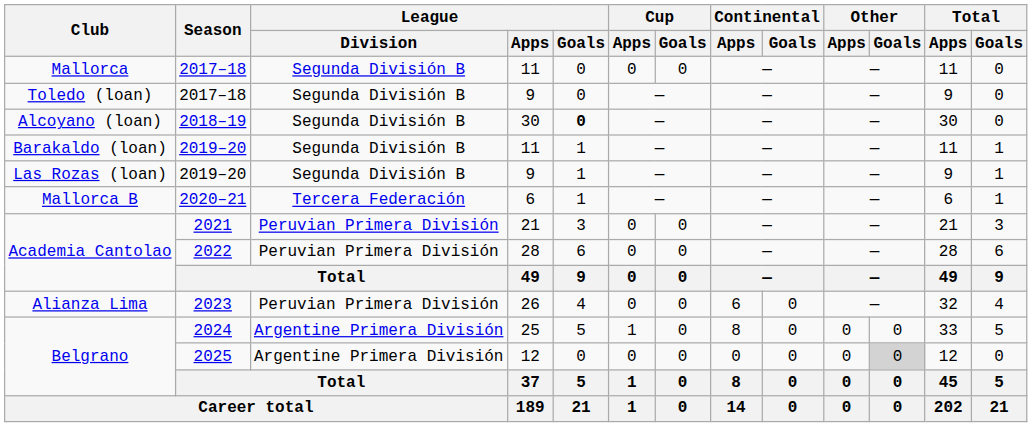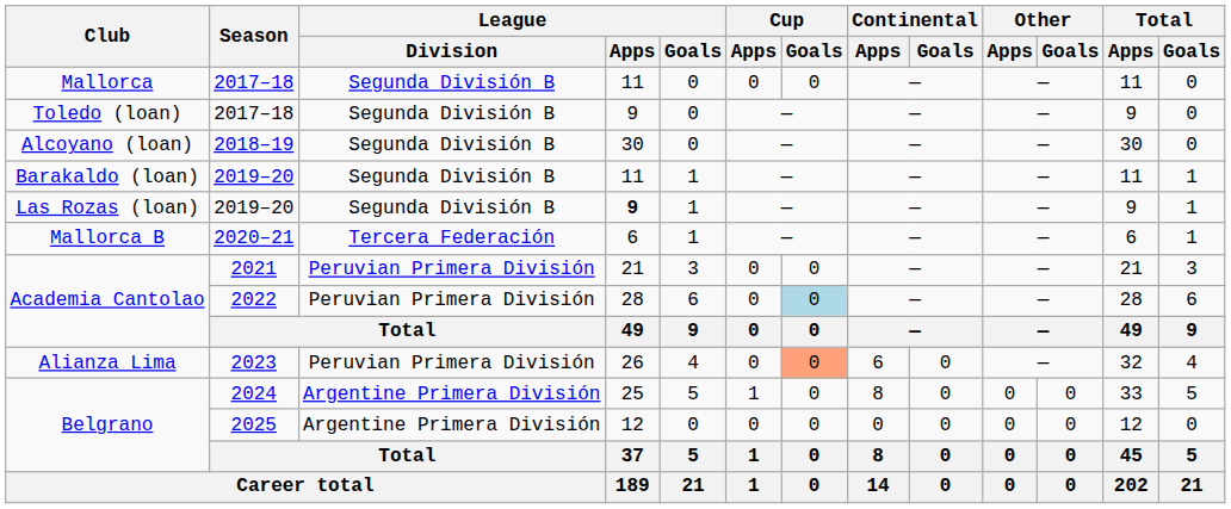 <table class="wikitable" style="text-align:center">
 <tr>
 <th rowspan="2">Club</th>
 <th rowspan="2">Season</th>
 <th colspan="3">League</th>
 <th colspan="2">Cup</th>
 <th colspan="2">Continental</th>
 <th colspan="2">Other</th>
 <th colspan="2">Total</th>
 </tr>
 <tr>
 <th>Division</th>
 <th>Apps</th>
 <th>Goals</th>
 <th>Apps</th>
 <th>Goals</th>
 <th>Apps</th>
 <th>Goals</th>
 <th>Apps</th>
 <th>Goals</th>
 <th>Apps</th>
 <th>Goals</th>
 </tr>
 <tr>
 <td><a href='#'>Mallorca</a></td>
 <td><a href='#'>2017–18</a></td>
 <td><a href='#'>Segunda División B</a></td>
 <td>11</td>
 <td>0</td>
 <td>0</td>
 <td>0</td>
 <td colspan="2">—</td>
 <td colspan="2">—</td>
 <td>11</td>
 <td>0</td>
 </tr>
 <tr>
 <td><a href='#'>Toledo</a> (loan)</td>
 <td>2017–18</td>
 <td>Segunda División B</td>
 <td>9</td>
 <td>0</td>
 <td colspan="2">—</td>
 <td colspan="2">—</td>
 <td colspan="2">—</td>
 <td>9</td>
 <td>0</td>
 </tr>
 <tr>
 <td><a href='#'>Alcoyano</a> (loan)</td>
 <td><a href='#'>2018–19</a></td>
 <td>Segunda División B</td>
 <td>30</td>
-<td><strong>0</strong></td>
+<td>0</td>
 <td colspan="2">—</td>
 <td colspan="2">—</td>
 <td colspan="2">—</td>
 <td>30</td>
 <td>0</td>
 </tr>
 <tr>
 <td><a href='#'>Barakaldo</a> (loan)</td>
 <td><a href='#'>2019–20</a></td>
 <td>Segunda División B</td>
 <td>11</td>
 <td>1</td>
 <td colspan="2">—</td>
 <td colspan="2">—</td>
 <td colspan="2">—</td>
 <td>11</td>
 <td>1</td>
 </tr>
 <tr>
 <td><a href='#'>Las Rozas</a> (loan)</td>
 <td>2019–20</td>
 <td>Segunda División B</td>
-<td>9</td>
+<td><strong>9</strong></td>
 <td>1</td>
 <td colspan="2">—</td>
 <td colspan="2">—</td>
 <td colspan="2">—</td>
 <td>9</td>
 <td>1</td>
 </tr>
 <tr>
 <td><a href='#'>Mallorca B</a></td>
 <td><a href='#'>2020–21</a></td>
 <td><a href='#'>Tercera Federación</a></td>
 <td>6</td>
 <td>1</td>
 <td colspan="2">—</td>
 <td colspan="2">—</td>
 <td colspan="2">—</td>
 <td>6</td>
 <td>1</td>
 </tr>
 <tr>
 <td rowspan="3"><a href='#'>Academia Cantolao</a></td>
 <td><a href='#'>2021</a></td>
 <td><a href='#'>Peruvian Primera División</a></td>
 <td>21</td>
 <td>3</td>
 <td>0</td>
 <td>0</td>
 <td colspan="2">—</td>
 <td colspan="2">—</td>
 <td>21</td>
 <td>3</td>
 </tr>
 <tr>
 <td><a href='#'>2022</a></td>
 <td>Peruvian Primera División</td>
 <td>28</td>
 <td>6</td>
 <td>0</td>
-<td>0</td>
+<td style="background: lightblue;">0</td>
 <td colspan="2">—</td>
 <td colspan="2">—</td>
 <td>28</td>
 <td>6</td>
 </tr>
 <tr>
 <th colspan="2">Total</th>
 <th>49</th>
 <th>9</th>
 <th>0</th>
 <th>0</th>
 <th colspan="2">—</th>
 <th colspan="2">—</th>
 <th>49</th>
 <th>9</th>
 </tr>
 <tr>
 <td><a href='#'>Alianza Lima</a></td>
 <td><a href='#'>2023</a></td>
 <td>Peruvian Primera División</td>
 <td>26</td>
 <td>4</td>
 <td>0</td>
-<td>0</td>
+<td style="background: lightsalmon;">0</td>
 <td>6</td>
 <td>0</td>
 <td colspan="2">—</td>
 <td>32</td>
 <td>4</td>
 </tr>
 <tr>
 <td rowspan="3"><a href='#'>Belgrano</a></td>
 <td><a href='#'>2024</a></td>
 <td><a href='#'>Argentine Primera División</a></td>
 <td>25</td>
 <td>5</td>
 <td>1</td>
 <td>0</td>
 <td>8</td>
 <td>0</td>
 <td>0</td>
 <td>0</td>
 <td>33</td>
 <td>5</td>
 </tr>
 <tr>
 <td><a href='#'>2025</a></td>
 <td>Argentine Primera División</td>
 <td>12</td>
 <td>0</td>
 <td>0</td>
 <td>0</td>
 <td>0</td>
 <td>0</td>
 <td>0</td>
-<td style="background: lightgrey;">0</td>
+<td>0</td>
 <td>12</td>
 <td>0</td>
 </tr>
 <tr>
 <th colspan="2">Total</th>
 <th>37</th>
 <th>5</th>
 <th>1</th>
 <th>0</th>
 <th>8</th>
 <th>0</th>
 <th>0</th>
 <th>0</th>
 <th>45</th>
 <th>5</th>
 </tr>
 <tr>
 <th colspan="3">Career total</th>
 <th>189</th>
 <th>21</th>
 <th>1</th>
 <th>0</th>
 <th>14</th>
 <th>0</th>
 <th>0</th>
 <th>0</th>
 <th>202</th>
 <th>21</th>
 </tr>
 </table>
